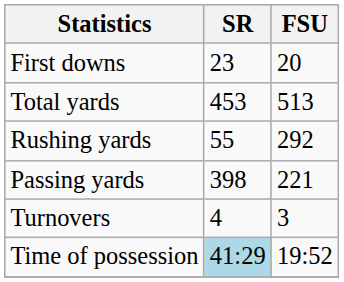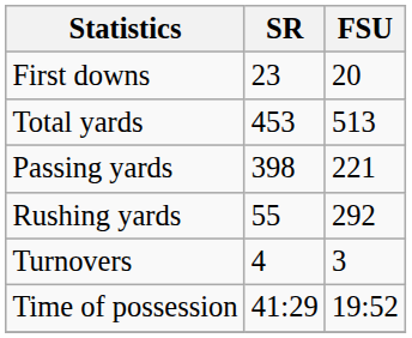 <table class="wikitable">
 <tr>
 <th>Statistics</th>
 <th>SR</th>
 <th>FSU</th>
 </tr>
 <tr>
 <td>First downs</td>
 <td>23</td>
 <td>20</td>
 </tr>
 <tr>
 <td>Total yards</td>
 <td>453</td>
 <td>513</td>
 </tr>
 <tr>
+<td>Passing yards</td>
+<td>398</td>
+<td>221</td>
+</tr>
+<tr>
 <td>Rushing yards</td>
 <td>55</td>
 <td>292</td>
-</tr>
-<tr>
-<td>Passing yards</td>
-<td>398</td>
-<td>221</td>
 </tr>
 <tr>
 <td>Turnovers</td>
 <td>4</td>
 <td>3</td>
 </tr>
 <tr>
 <td>Time of possession</td>
-<td style="background: lightblue;">41:29</td>
+<td>41:29</td>
 <td>19:52</td>
 </tr>
 <tr>
 </tr>
 </table>
